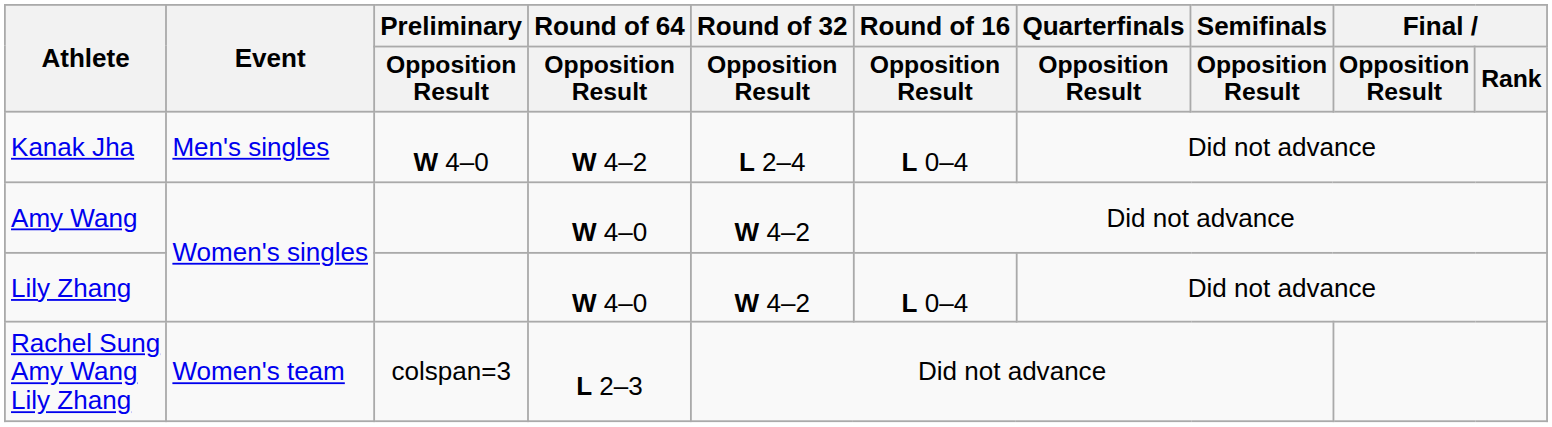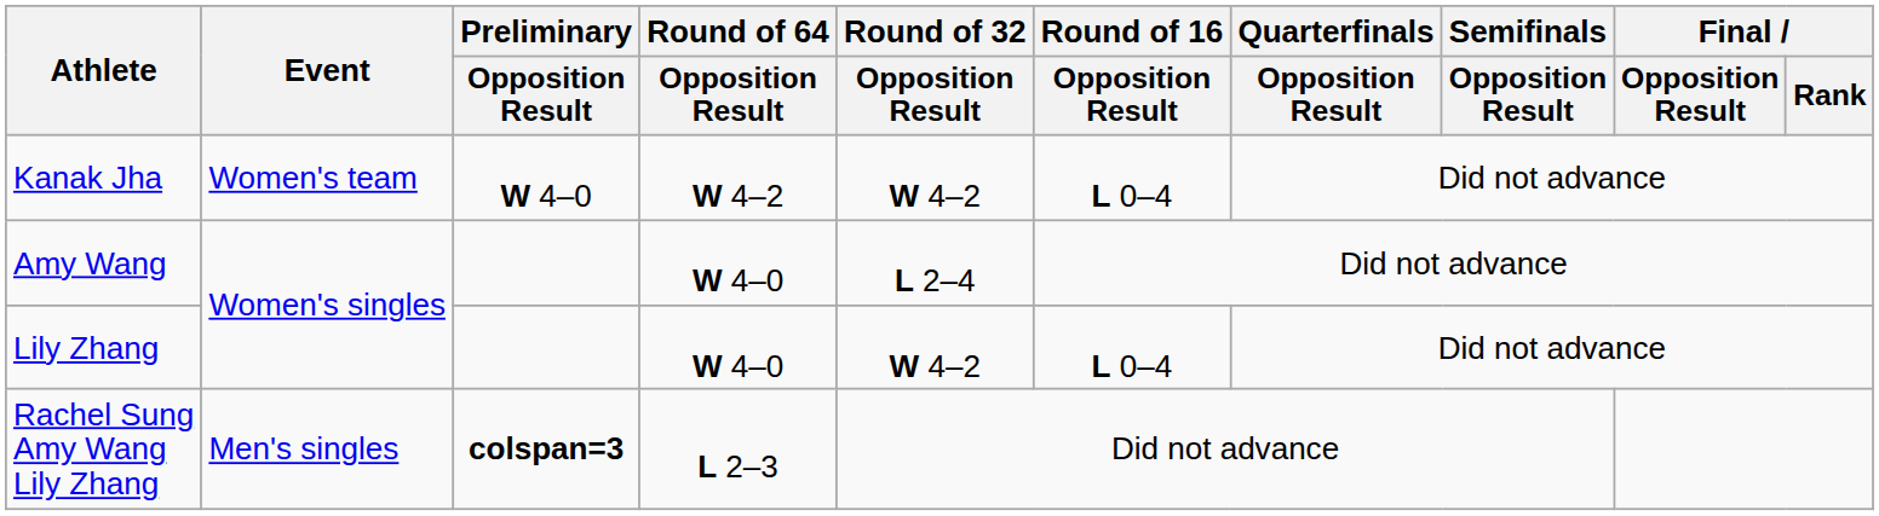 <table class=wikitable style=font-size:90%;text-align:center>
 <tr>
 <th rowspan=2>Athlete</th>
 <th rowspan=2>Event</th>
 <th>Preliminary</th>
 <th>Round of 64</th>
 <th>Round of 32</th>
 <th>Round of 16</th>
 <th>Quarterfinals</th>
 <th>Semifinals</th>
 <th colspan=2>Final / </th>
 </tr>
 <tr style=font-size:95%>
 <th>Opposition<br>Result</th>
 <th>Opposition<br>Result</th>
 <th>Opposition<br>Result</th>
 <th>Opposition<br>Result</th>
 <th>Opposition<br>Result</th>
 <th>Opposition<br>Result</th>
 <th>Opposition<br>Result</th>
 <th>Rank</th>
 </tr>
 <tr>
 <td align=left><a href='#'>Kanak Jha</a></td>
-<td align=left><a href='#'>Men's singles</a></td>
+<td align=left><a href='#'>Women's team</a></td>
 <td><br><strong>W</strong> 4–0</td>
 <td><br><strong>W</strong> 4–2</td>
-<td><br><strong>L</strong> 2–4</td>
+<td><br><strong>W</strong> 4–2</td>
 <td><br><strong>L</strong> 0–4</td>
 <td colspan=4>Did not advance</td>
 </tr>
 <tr>
 <td align=left><a href='#'>Amy Wang</a></td>
 <td align=left rowspan=2><a href='#'>Women's singles</a></td>
 <td></td>
 <td><br><strong>W</strong> 4–0</td>
-<td><br><strong>W</strong> 4–2</td>
+<td><br><strong>L</strong> 2–4</td>
 <td colspan=5>Did not advance</td>
 </tr>
 <tr>
 <td align=left><a href='#'>Lily Zhang</a></td>
 <td></td>
 <td><br><strong>W</strong> 4–0</td>
 <td><br><strong>W</strong> 4–2</td>
 <td><br><strong>L</strong> 0–4</td>
 <td colspan=4>Did not advance</td>
 </tr>
 <tr>
 <td align=left><a href='#'>Rachel Sung</a><br><a href='#'>Amy Wang</a><br><a href='#'>Lily Zhang</a></td>
-<td align=left><a href='#'>Women's team</a></td>
-<td>colspan=3 </td>
+<td align=left><a href='#'>Men's singles</a></td>
+<td><strong>colspan=3 </strong></td>
 <td><br><strong>L</strong> 2–3</td>
 <td colspan=4>Did not advance</td>
 </tr>
 </table>
